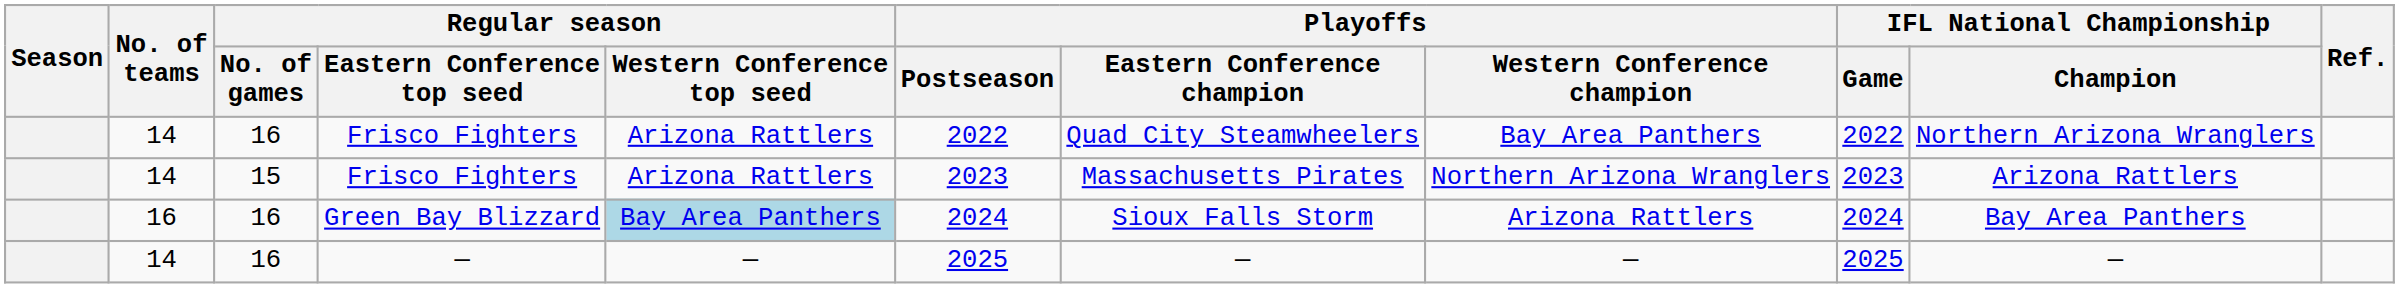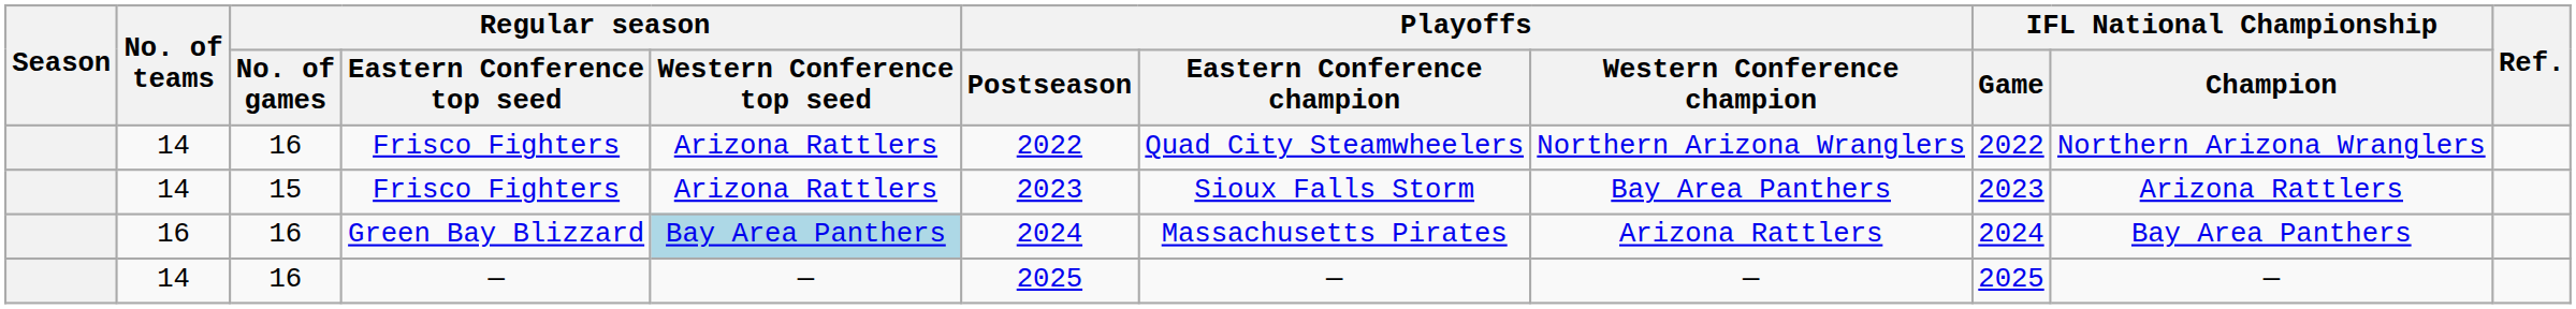 <table class="wikitable plainrowheaders" style="text-align:center; font-size:95%">
 <tr>
 <th rowspan="2">Season</th>
 <th rowspan="2">No. of<br>teams</th>
 <th colspan="3">Regular season</th>
 <th colspan="3">Playoffs</th>
 <th colspan="2">IFL National Championship</th>
 <th rowspan="2">Ref.</th>
 </tr>
 <tr>
 <th>No. of<br>games</th>
 <th>Eastern Conference<br>top seed</th>
 <th>Western Conference<br>top seed</th>
 <th>Postseason</th>
 <th>Eastern Conference<br>champion</th>
 <th>Western Conference<br>champion</th>
 <th>Game</th>
 <th>Champion</th>
 </tr>
 <tr>
 <th></th>
 <td>14</td>
 <td>16</td>
 <td><a href='#'>Frisco Fighters</a></td>
 <td><a href='#'>Arizona Rattlers</a></td>
 <td><a href='#'>2022</a></td>
 <td><a href='#'>Quad City Steamwheelers</a></td>
-<td><a href='#'>Bay Area Panthers</a></td>
+<td><a href='#'>Northern Arizona Wranglers</a></td>
 <td><a href='#'>2022</a></td>
 <td><a href='#'>Northern Arizona Wranglers</a></td>
 <td></td>
 </tr>
 <tr>
 <th></th>
 <td>14</td>
 <td>15</td>
 <td><a href='#'>Frisco Fighters</a></td>
 <td><a href='#'>Arizona Rattlers</a></td>
 <td><a href='#'>2023</a></td>
-<td><a href='#'>Massachusetts Pirates</a></td>
-<td><a href='#'>Northern Arizona Wranglers</a></td>
+<td><a href='#'>Sioux Falls Storm</a></td>
+<td><a href='#'>Bay Area Panthers</a></td>
 <td><a href='#'>2023</a></td>
 <td><a href='#'>Arizona Rattlers</a></td>
 <td></td>
 </tr>
 <tr>
 <th></th>
 <td>16</td>
 <td>16</td>
 <td><a href='#'>Green Bay Blizzard</a></td>
 <td style="background: lightblue;"><a href='#'>Bay Area Panthers</a></td>
 <td><a href='#'>2024</a></td>
-<td><a href='#'>Sioux Falls Storm</a></td>
+<td><a href='#'>Massachusetts Pirates</a></td>
 <td><a href='#'>Arizona Rattlers</a></td>
 <td><a href='#'>2024</a></td>
 <td><a href='#'>Bay Area Panthers</a></td>
 <td></td>
 </tr>
 <tr>
 <th></th>
 <td>14</td>
 <td>16</td>
 <td>—</td>
 <td>—</td>
 <td><a href='#'>2025</a></td>
 <td>—</td>
 <td>—</td>
 <td><a href='#'>2025</a></td>
 <td>—</td>
 <td></td>
 </tr>
 </table>
